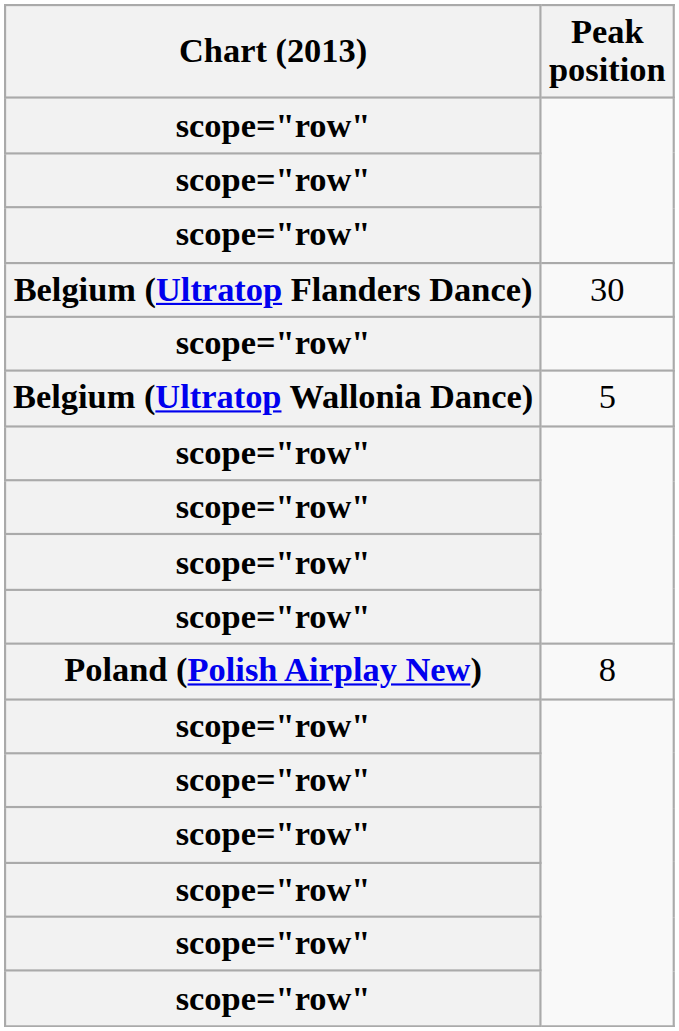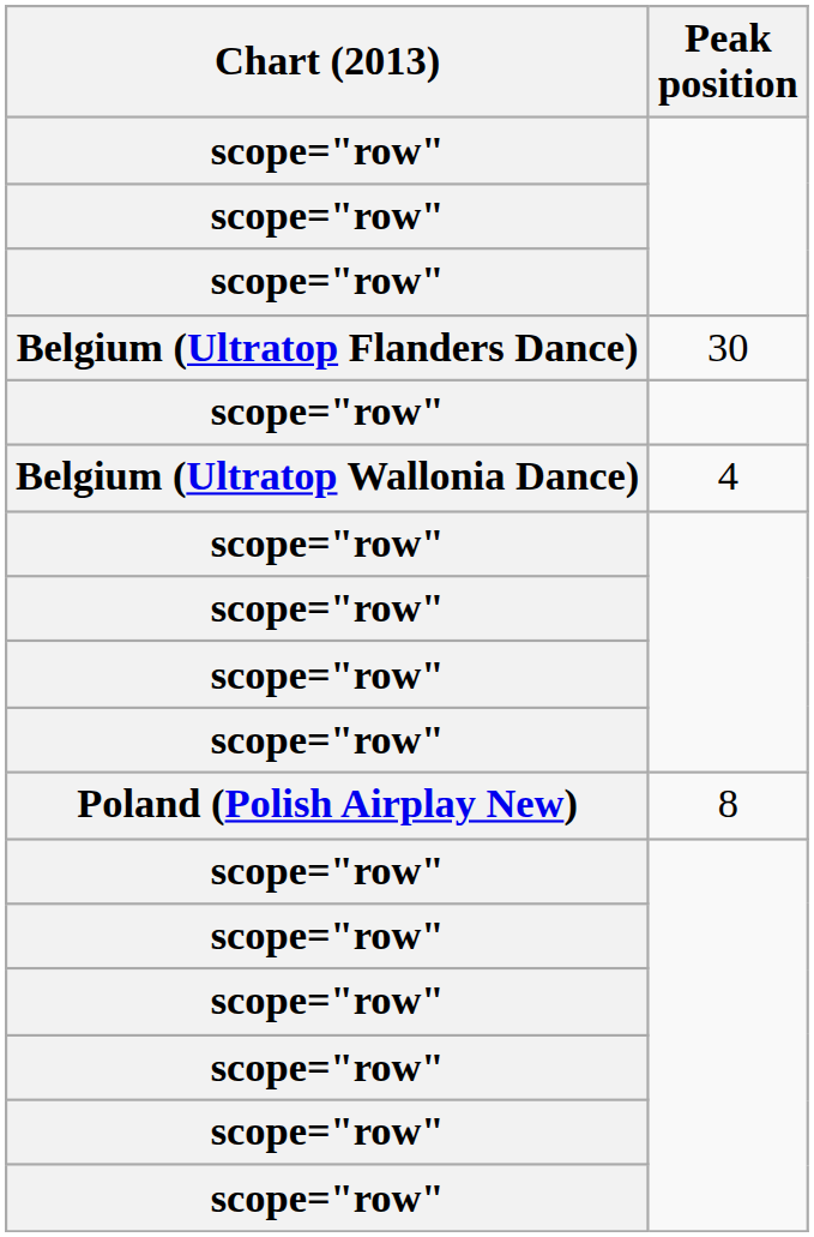 <table class="wikitable sortable plainrowheaders">
 <tr>
 <th>Chart (2013)</th>
 <th>Peak<br>position</th>
 </tr>
 <tr>
 <th>scope="row" </th>
 </tr>
 <tr>
 <th>scope="row" </th>
 </tr>
 <tr>
 <th>scope="row" </th>
 </tr>
 <tr>
 <th scope="row">Belgium (<a href='#'>Ultratop</a> Flanders Dance)</th>
 <td align=center>30</td>
 </tr>
 <tr>
 <th>scope="row" </th>
 </tr>
 <tr>
 <th scope="row">Belgium (<a href='#'>Ultratop</a> Wallonia Dance)</th>
-<td align=center>5</td>
+<td align=center>4</td>
 </tr>
 <tr>
 <th>scope="row" </th>
 </tr>
 <tr>
 <th>scope="row" </th>
 </tr>
 <tr>
 <th>scope="row" </th>
 </tr>
 <tr>
 <th>scope="row" </th>
 </tr>
 <tr>
 <th scope="row">Poland (<a href='#'>Polish Airplay New</a>)</th>
 <td align="center">8</td>
 </tr>
 <tr>
 <th>scope="row" </th>
 </tr>
 <tr>
 <th>scope="row" </th>
 </tr>
 <tr>
 <th>scope="row" </th>
 </tr>
 <tr>
 <th>scope="row" </th>
 </tr>
 <tr>
 <th>scope="row" </th>
 </tr>
 <tr>
 <th>scope="row" </th>
 </tr>
 </table>
